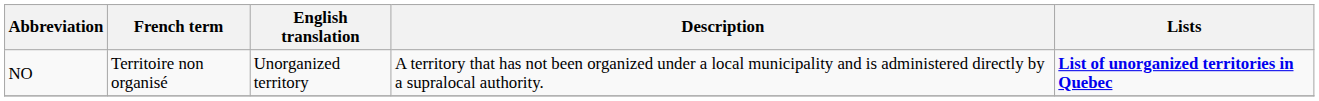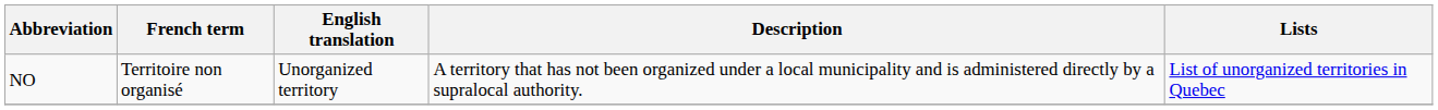 <table class="wikitable">
 <tr>
 <th>Abbreviation</th>
 <th>French term</th>
 <th>English translation</th>
 <th>Description</th>
 <th>Lists</th>
 </tr>
 <tr>
 <td>NO</td>
 <td>Territoire non organisé</td>
 <td>Unorganized territory</td>
 <td>A territory that has not been organized under a local municipality and is administered directly by a supralocal authority.</td>
-<td><strong><a href='#'>List of unorganized territories in Quebec</a></strong></td>
+<td><a href='#'>List of unorganized territories in Quebec</a></td>
 </tr>
 <tr>
 </tr>
 </table>
